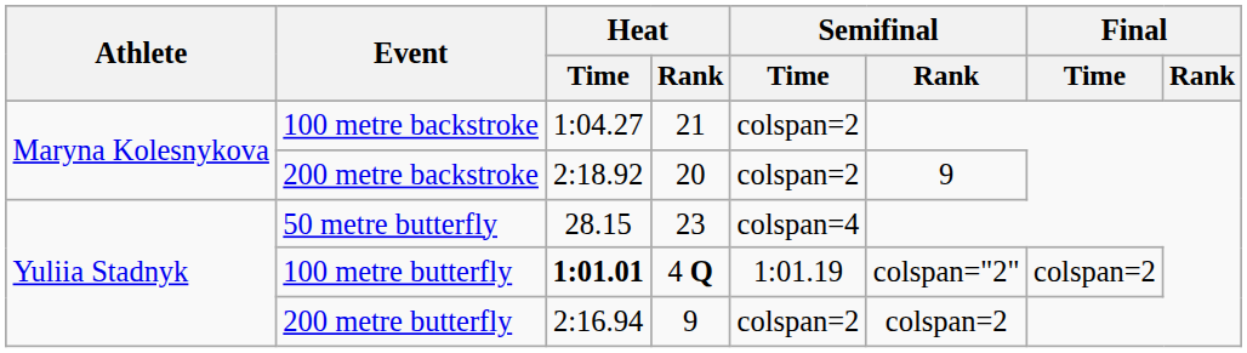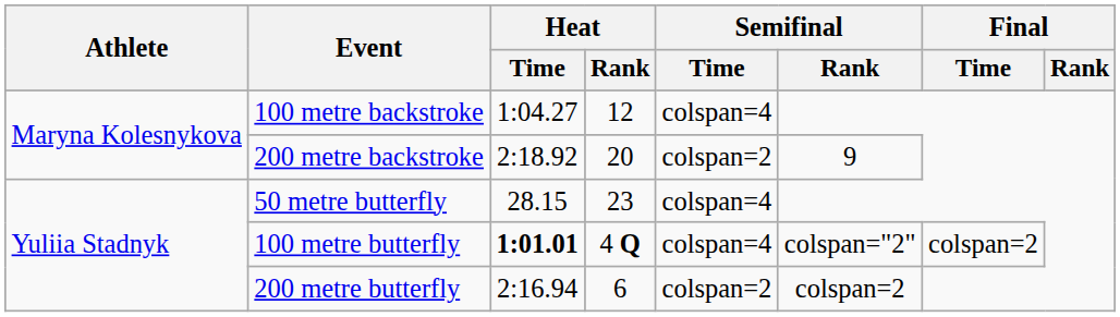 <table class=wikitable style="font-size:90%">
 <tr>
 <th rowspan="2">Athlete</th>
 <th rowspan="2">Event</th>
 <th colspan="2">Heat</th>
 <th colspan="2">Semifinal</th>
 <th colspan="2">Final</th>
 </tr>
 <tr style="font-size:95%">
 <th>Time</th>
 <th>Rank</th>
 <th>Time</th>
 <th>Rank</th>
 <th>Time</th>
 <th>Rank</th>
 </tr>
 <tr align=center>
 <td align=left rowspan=2><a href='#'>Maryna Kolesnykova</a></td>
 <td align=left><a href='#'>100 metre backstroke</a></td>
 <td>1:04.27</td>
-<td>21</td>
-<td>colspan=2 </td>
+<td>12</td>
+<td>colspan=4 </td>
 </tr>
 <tr align=center>
 <td align=left><a href='#'>200 metre backstroke</a></td>
 <td>2:18.92</td>
 <td>20</td>
 <td>colspan=2 </td>
 <td>9</td>
 </tr>
 <tr align=center>
 <td align=left rowspan=3><a href='#'>Yuliia Stadnyk</a></td>
 <td align=left><a href='#'>50 metre butterfly</a></td>
 <td>28.15</td>
 <td>23</td>
 <td>colspan=4 </td>
 </tr>
 <tr align=center>
 <td align=left><a href='#'>100 metre butterfly</a></td>
 <td><strong>1:01.01</strong></td>
 <td>4 <strong>Q</strong></td>
-<td>1:01.19</td>
+<td>colspan=4 </td>
 <td>colspan="2" </td>
 <td>colspan=2 </td>
 </tr>
 <tr align=center>
 <td align=left><a href='#'>200 metre butterfly</a></td>
 <td>2:16.94</td>
-<td>9</td>
+<td>6</td>
 <td>colspan=2 </td>
 <td>colspan=2 </td>
 </tr>
 </table>
